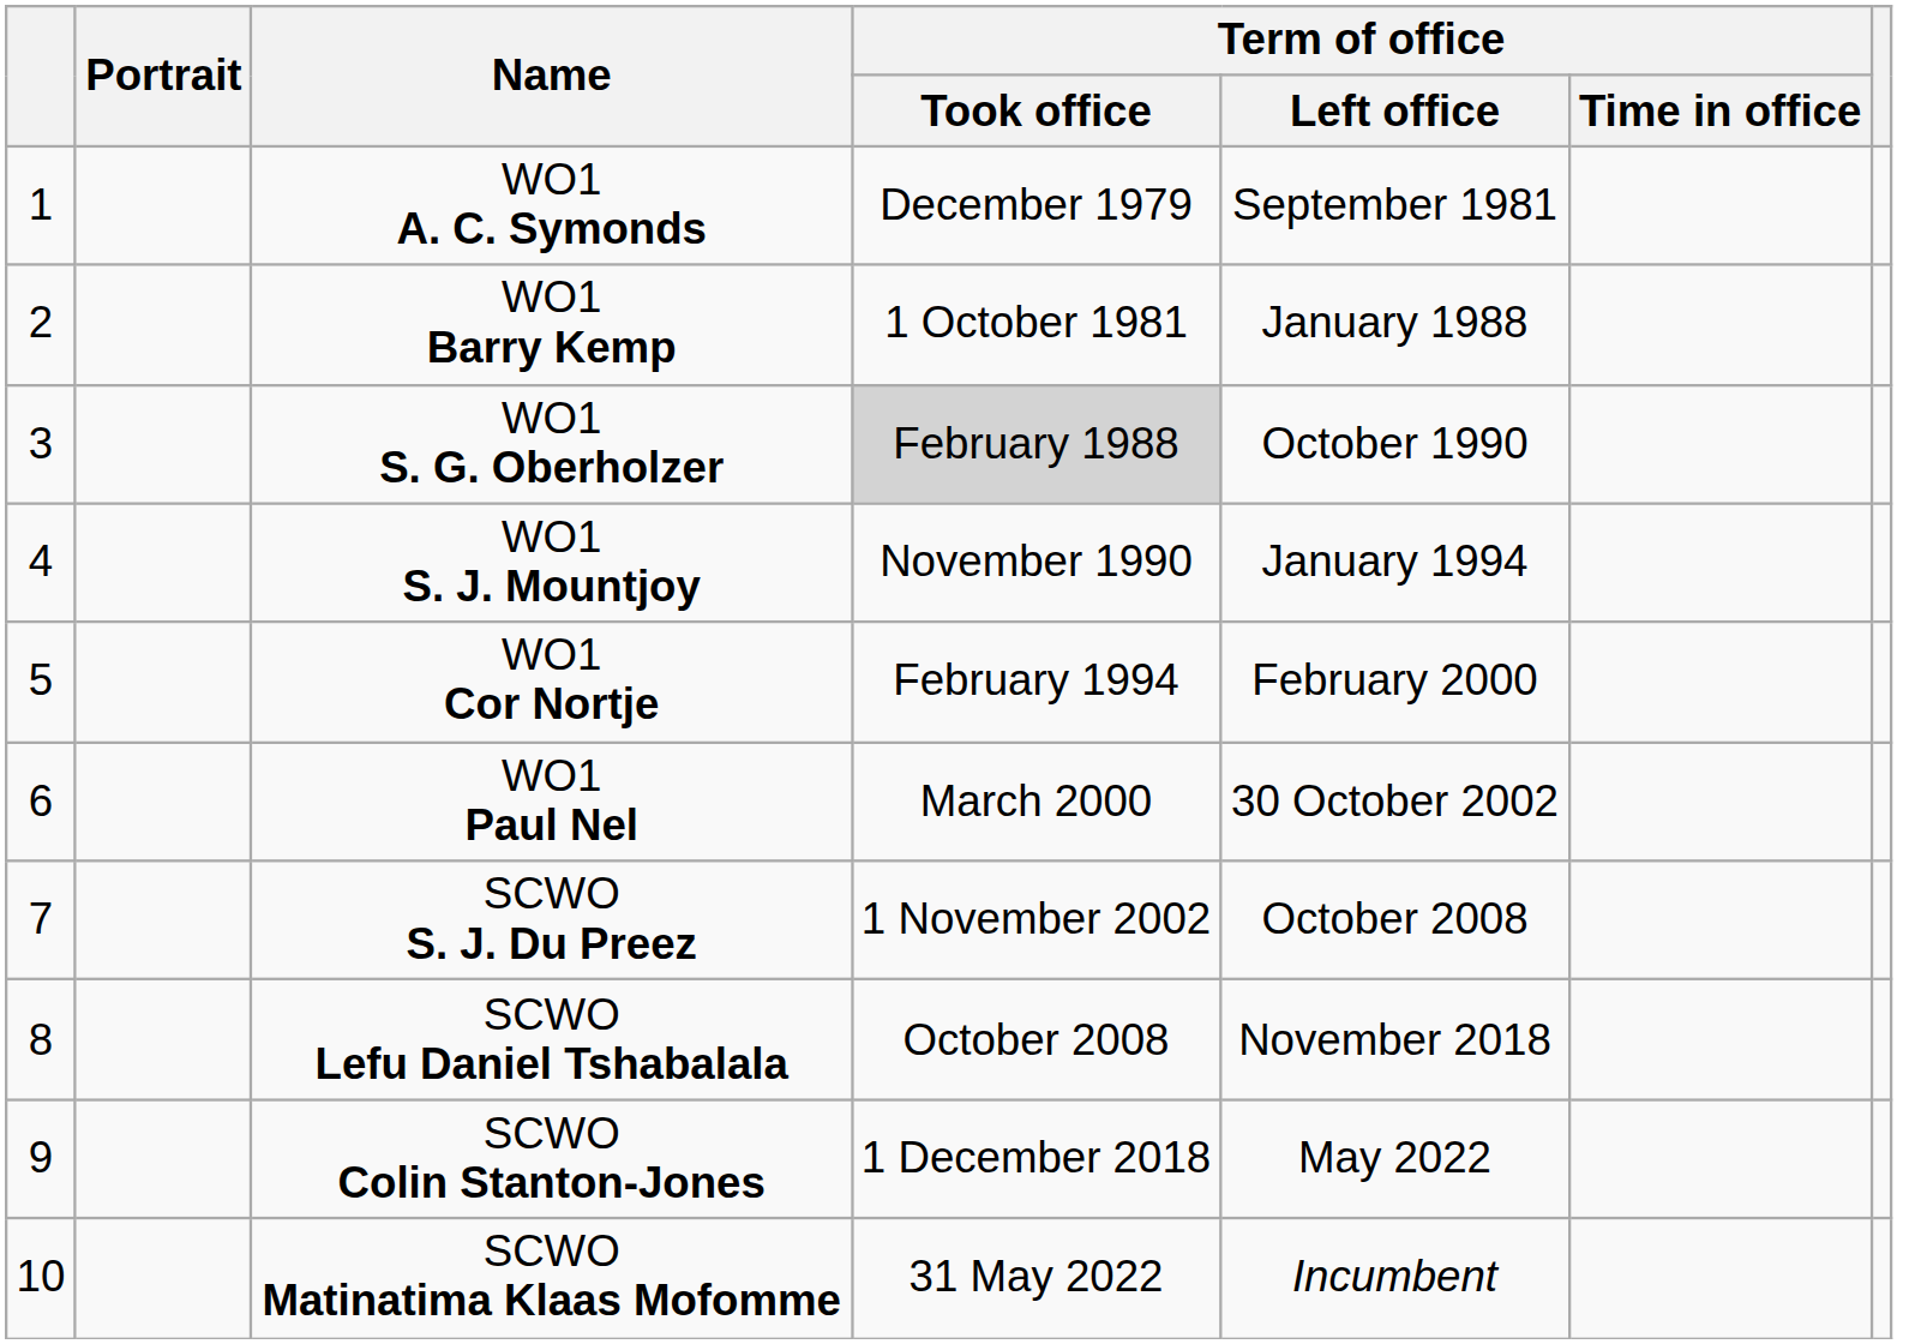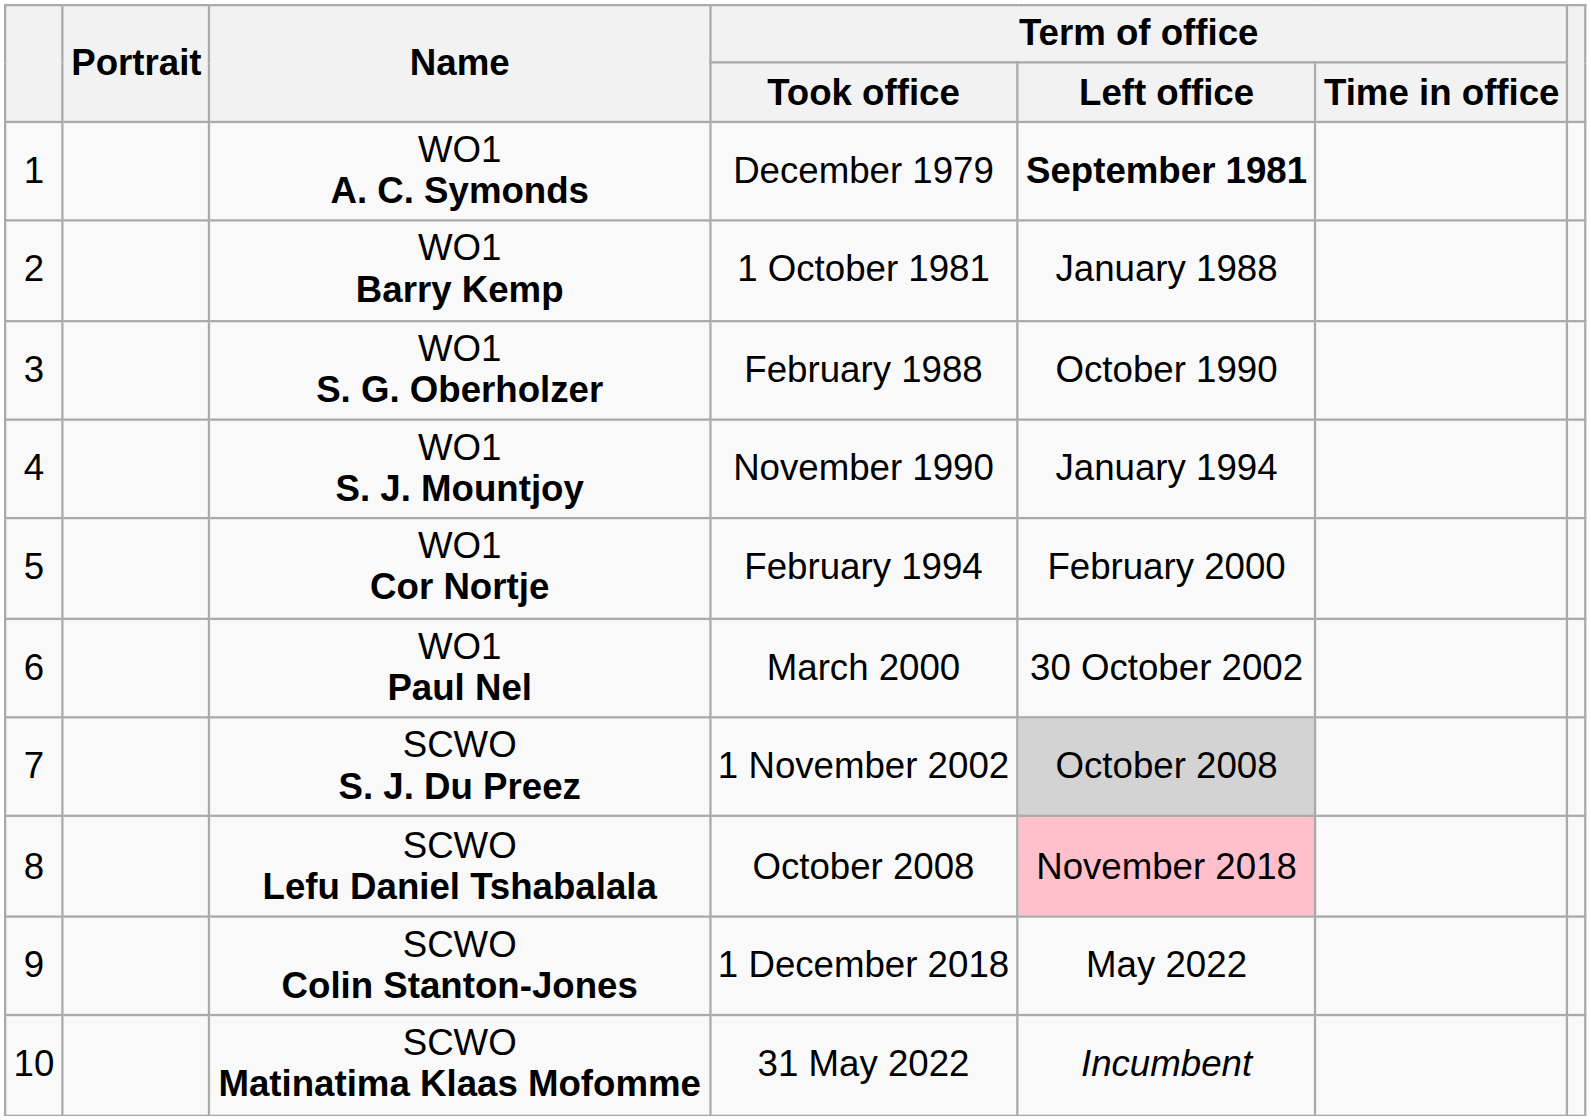 <table class="wikitable" style="text-align:center">
 <tr>
 <th rowspan=2></th>
 <th rowspan=2>Portrait</th>
 <th rowspan=2>Name<br></th>
 <th colspan=3>Term of office</th>
 <th rowspan=2></th>
 </tr>
 <tr>
 <th>Took office</th>
 <th>Left office</th>
 <th>Time in office</th>
 </tr>
 <tr>
 <td>1</td>
 <td></td>
 <td>WO1<br><strong>A. C. Symonds</strong></td>
 <td>December 1979</td>
-<td>September 1981</td>
+<td><strong>September 1981</strong></td>
 <td></td>
 <td></td>
 </tr>
 <tr>
 <td>2</td>
 <td></td>
 <td>WO1<br><strong>Barry Kemp</strong></td>
 <td>1 October 1981</td>
 <td>January 1988</td>
 <td></td>
 <td></td>
 </tr>
 <tr>
 <td>3</td>
 <td></td>
 <td>WO1<br><strong>S. G. Oberholzer</strong></td>
-<td style="background: lightgrey;">February 1988</td>
+<td>February 1988</td>
 <td>October 1990</td>
 <td></td>
 <td></td>
 </tr>
 <tr>
 <td>4</td>
 <td></td>
 <td>WO1<br><strong>S. J. Mountjoy</strong></td>
 <td>November 1990</td>
 <td>January 1994</td>
 <td></td>
 <td></td>
 </tr>
 <tr>
 <td>5</td>
 <td></td>
 <td>WO1<br><strong>Cor Nortje</strong></td>
 <td>February 1994</td>
 <td>February 2000</td>
 <td></td>
 <td></td>
 </tr>
 <tr>
 <td>6</td>
 <td></td>
 <td>WO1<br><strong>Paul Nel</strong></td>
 <td>March 2000</td>
 <td>30 October 2002</td>
 <td></td>
 <td></td>
 </tr>
 <tr>
 <td>7</td>
 <td></td>
 <td>SCWO<br><strong>S. J. Du Preez</strong></td>
 <td>1 November 2002</td>
-<td>October 2008</td>
+<td style="background: lightgrey;">October 2008</td>
 <td></td>
 <td></td>
 </tr>
 <tr>
 <td>8</td>
 <td></td>
 <td>SCWO<br><strong>Lefu Daniel Tshabalala</strong></td>
 <td>October 2008</td>
-<td>November 2018</td>
+<td style="background: pink;">November 2018</td>
 <td></td>
 <td></td>
 </tr>
 <tr>
 <td>9</td>
 <td></td>
 <td>SCWO<br><strong>Colin Stanton-Jones</strong></td>
 <td>1 December 2018</td>
 <td>May 2022</td>
 <td></td>
 <td></td>
 </tr>
 <tr>
 <td>10</td>
 <td></td>
 <td>SCWO<br><strong>Matinatima Klaas Mofomme</strong></td>
 <td>31 May 2022</td>
 <td><em>Incumbent</em></td>
 <td></td>
 <td></td>
 </tr>
 </table>
